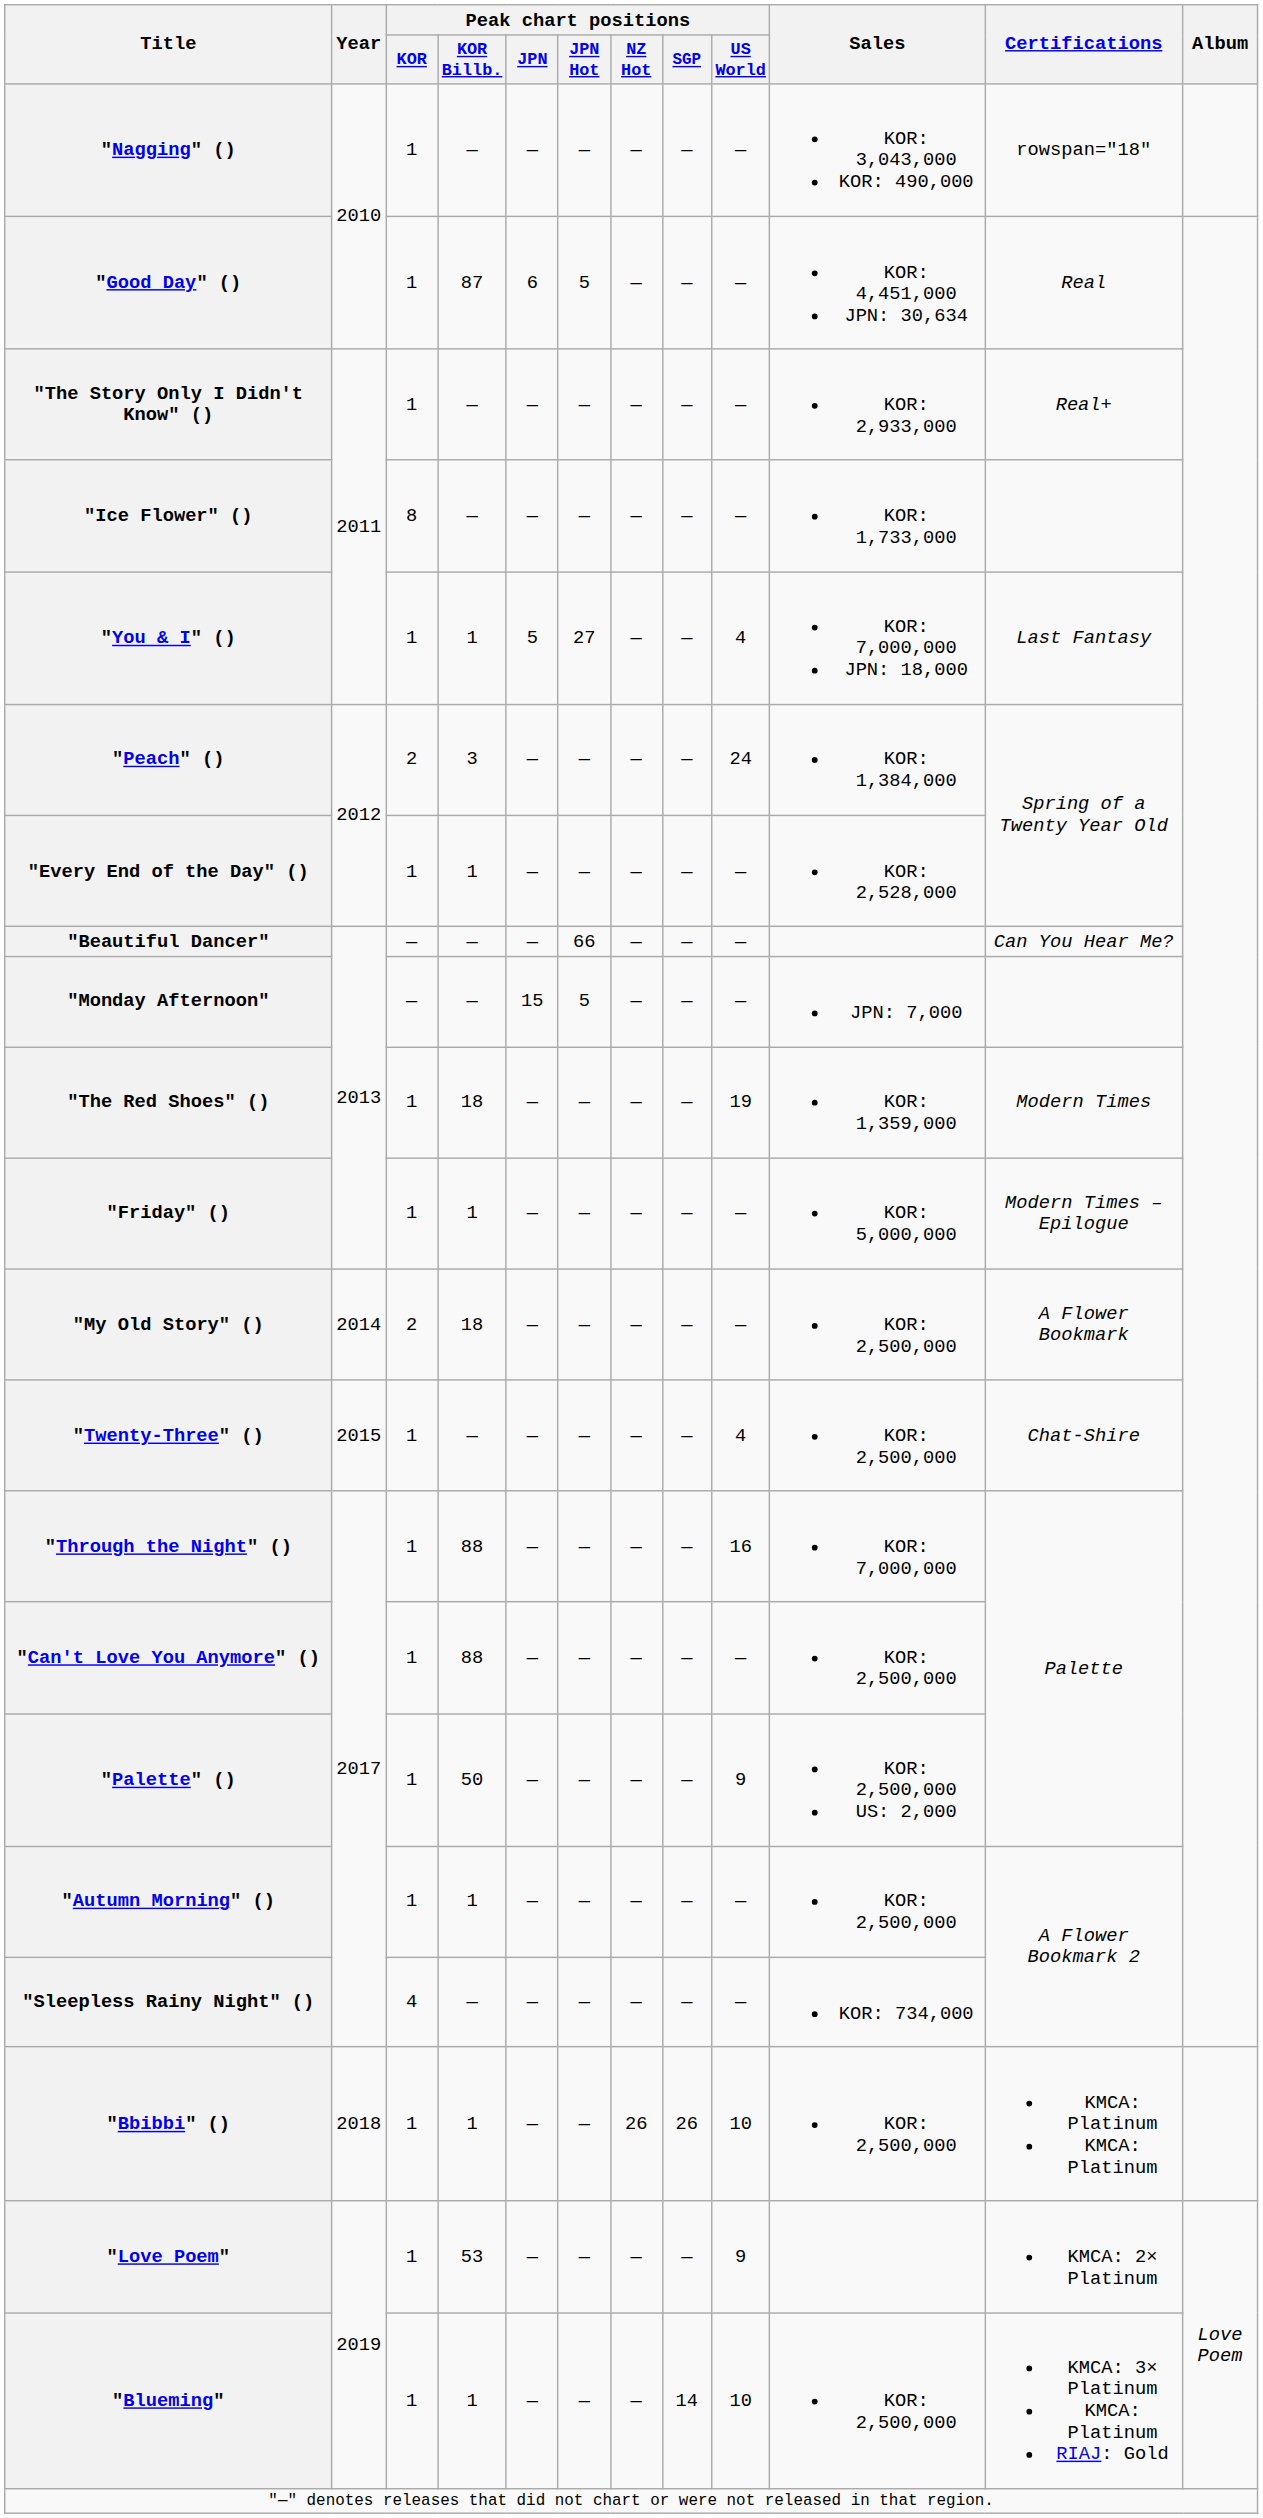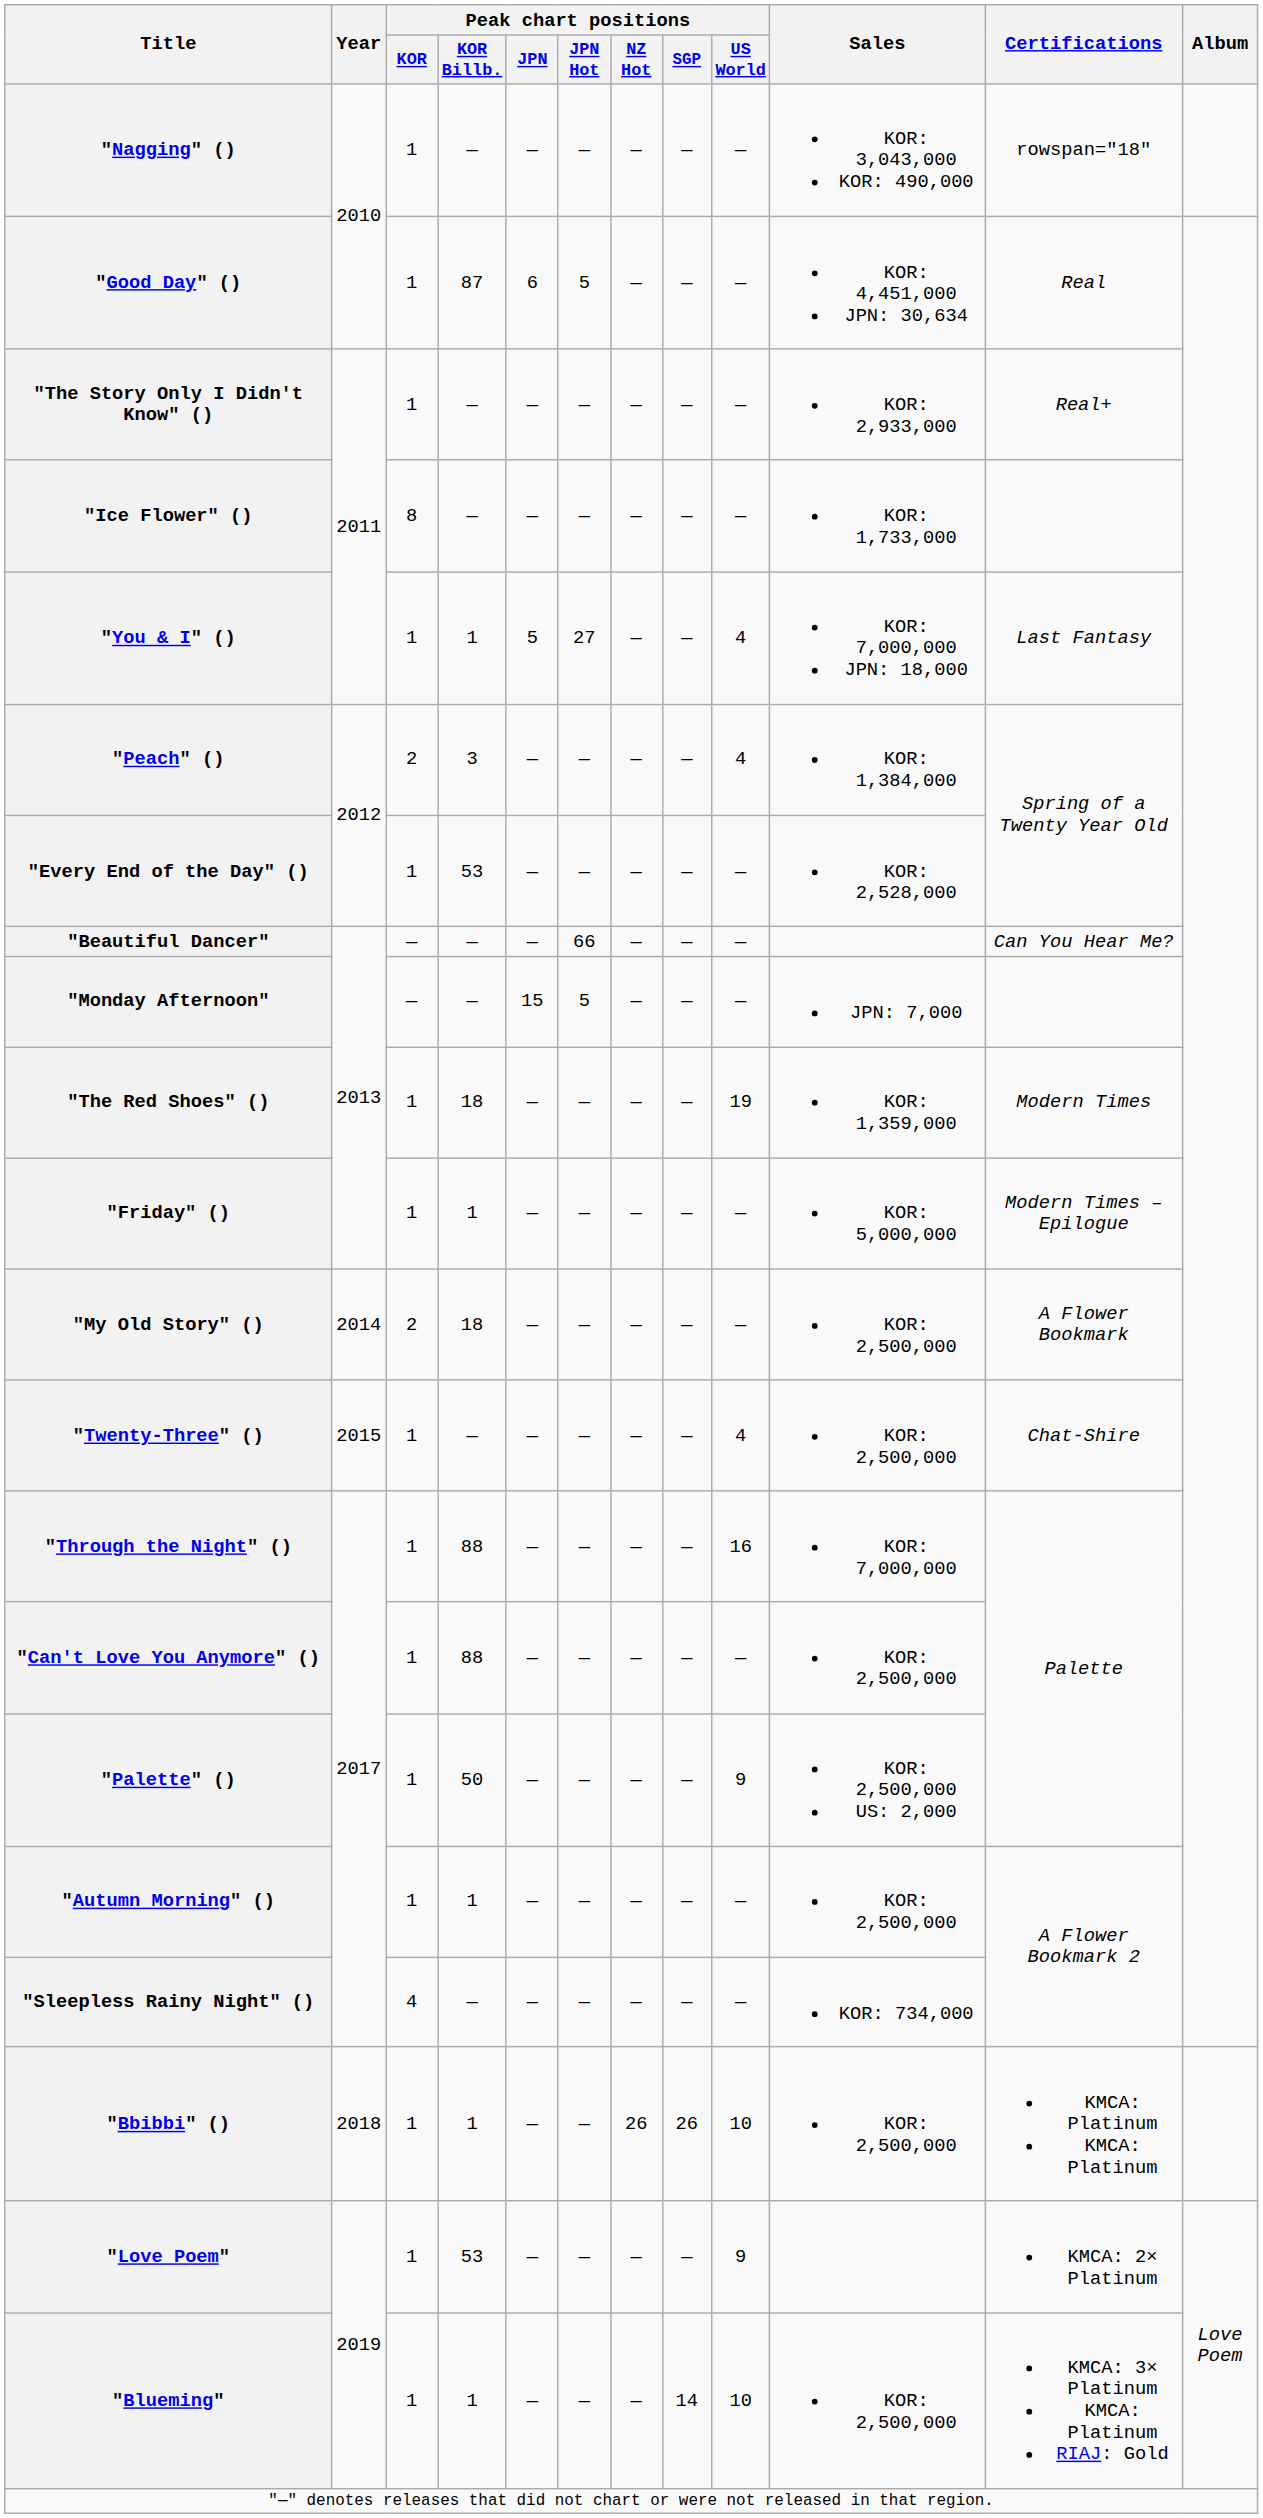 <table class="wikitable plainrowheaders" style="text-align:center;">
 <tr>
 <th rowspan="2" scope="col" style="width:17em;">Title</th>
 <th rowspan="2" scope="col">Year</th>
 <th colspan="7" scope="col">Peak chart positions</th>
 <th rowspan="2" scope="col" style="width:11em;">Sales<br></th>
 <th rowspan="2" scope="col"><a href='#'>Certifications</a><br></th>
 <th rowspan="2" scope="col">Album</th>
 </tr>
 <tr>
 <th scope="col" style="width:2.6em;font-size:90%;"><a href='#'>KOR</a><br></th>
 <th scope="col" style="width:2.6em;font-size:90%;"><a href='#'>KOR Billb.</a><br></th>
 <th scope="col" style="width:2.6em;font-size:90%;"><a href='#'>JPN</a><br></th>
 <th scope="col" style="width:2.6em;font-size:90%;"><a href='#'>JPN Hot</a><br></th>
 <th scope="col" style="width:2.6em;font-size:90%;"><a href='#'>NZ Hot</a><br></th>
 <th scope="col" style="width:2.6em;font-size:85%"><a href='#'>SGP</a><br></th>
 <th scope="col" style="width:2.6em;font-size:90%;"><a href='#'>US<br>World</a><br></th>
 </tr>
 <tr>
 <th scope="row">"<a href='#'>Nagging</a>" ()<br></th>
 <td rowspan="2">2010</td>
 <td>1</td>
 <td>—</td>
 <td>—</td>
 <td>—</td>
 <td>—</td>
 <td>—</td>
 <td>—</td>
 <td><br><ul><li>KOR: 3,043,000</li><li>KOR: 490,000 </li></ul></td>
 <td>rowspan="18" </td>
 <td></td>
 </tr>
 <tr>
 <th scope="row">"<a href='#'>Good Day</a>" ()</th>
 <td>1</td>
 <td>87</td>
 <td>6</td>
 <td>5</td>
 <td>—</td>
 <td>—</td>
 <td>—</td>
 <td><br><ul><li>KOR: 4,451,000</li><li>JPN: 30,634</li></ul></td>
 <td><em>Real</em></td>
 </tr>
 <tr>
 <th scope="row">"The Story Only I Didn't Know" ()</th>
 <td rowspan="3">2011</td>
 <td>1</td>
 <td>—</td>
 <td>—</td>
 <td>—</td>
 <td>—</td>
 <td>—</td>
 <td>—</td>
 <td><br><ul><li>KOR: 2,933,000</li></ul></td>
 <td><em>Real+</em></td>
 </tr>
 <tr>
 <th scope="row">"Ice Flower" ()<br></th>
 <td>8</td>
 <td>—</td>
 <td>—</td>
 <td>—</td>
 <td>—</td>
 <td>—</td>
 <td>—</td>
 <td><br><ul><li>KOR: 1,733,000</li></ul></td>
 <td></td>
 </tr>
 <tr>
 <th scope="row">"<a href='#'>You & I</a>" ()</th>
 <td>1</td>
 <td>1</td>
 <td>5</td>
 <td>27</td>
 <td>—</td>
 <td>—</td>
 <td>4</td>
 <td><br><ul><li>KOR: 7,000,000</li><li>JPN: 18,000</li></ul></td>
 <td><em>Last Fantasy</em></td>
 </tr>
 <tr>
 <th scope="row">"<a href='#'>Peach</a>" ()</th>
 <td rowspan="2">2012</td>
 <td>2</td>
 <td>3</td>
 <td>—</td>
 <td>—</td>
 <td>—</td>
 <td>—</td>
-<td>24</td>
+<td>4</td>
 <td><br><ul><li>KOR: 1,384,000</li></ul></td>
 <td rowspan="2"><em>Spring of a Twenty Year Old</em></td>
 </tr>
 <tr>
 <th scope="row">"Every End of the Day" ()</th>
 <td>1</td>
-<td>1</td>
+<td>53</td>
 <td>—</td>
 <td>—</td>
 <td>—</td>
 <td>—</td>
 <td>—</td>
 <td><br><ul><li>KOR: 2,528,000</li></ul></td>
 </tr>
 <tr>
 <th scope="row">"Beautiful Dancer"</th>
 <td rowspan="4">2013</td>
 <td>—</td>
 <td>—</td>
 <td>—</td>
 <td>66</td>
 <td>—</td>
 <td>—</td>
 <td>—</td>
 <td></td>
 <td><em>Can You Hear Me?</em></td>
 </tr>
 <tr>
 <th scope="row">"Monday Afternoon"</th>
 <td>—</td>
 <td>—</td>
 <td>15</td>
 <td>5</td>
 <td>—</td>
 <td>—</td>
 <td>—</td>
 <td><br><ul><li>JPN: 7,000</li></ul></td>
 <td></td>
 </tr>
 <tr>
 <th scope="row">"The Red Shoes" ()</th>
 <td>1</td>
 <td>18</td>
 <td>—</td>
 <td>—</td>
 <td>—</td>
 <td>—</td>
 <td>19</td>
 <td><br><ul><li>KOR: 1,359,000</li></ul></td>
 <td><em>Modern Times</em></td>
 </tr>
 <tr>
 <th scope="row">"Friday" ()<br></th>
 <td>1</td>
 <td>1</td>
 <td>—</td>
 <td>—</td>
 <td>—</td>
 <td>—</td>
 <td>—</td>
 <td><br><ul><li>KOR: 5,000,000</li></ul></td>
 <td><em>Modern Times –<br>Epilogue</em></td>
 </tr>
 <tr>
 <th scope="row">"My Old Story" ()</th>
 <td>2014</td>
 <td>2</td>
 <td>18</td>
 <td>—</td>
 <td>—</td>
 <td>—</td>
 <td>—</td>
 <td>—</td>
 <td><br><ul><li>KOR: 2,500,000</li></ul></td>
 <td><em>A Flower Bookmark</em></td>
 </tr>
 <tr>
 <th scope="row">"<a href='#'>Twenty-Three</a>" ()</th>
 <td>2015</td>
 <td>1</td>
 <td>—</td>
 <td>—</td>
 <td>—</td>
 <td>—</td>
 <td>—</td>
 <td>4</td>
 <td><br><ul><li>KOR: 2,500,000</li></ul></td>
 <td><em>Chat-Shire</em></td>
 </tr>
 <tr>
 <th scope="row">"<a href='#'>Through the Night</a>" ()</th>
 <td rowspan="5">2017</td>
 <td>1</td>
 <td>88</td>
 <td>—</td>
 <td>—</td>
 <td>—</td>
 <td>—</td>
 <td>16</td>
 <td><br><ul><li>KOR: 7,000,000</li></ul></td>
 <td rowspan="3"><em>Palette</em></td>
 </tr>
 <tr>
 <th scope="row">"<a href='#'>Can't Love You Anymore</a>" ()<br></th>
 <td>1</td>
 <td>88</td>
 <td>—</td>
 <td>—</td>
 <td>—</td>
 <td>—</td>
 <td>—</td>
 <td><br><ul><li>KOR: 2,500,000</li></ul></td>
 </tr>
 <tr>
 <th scope="row">"<a href='#'>Palette</a>" ()<br></th>
 <td>1</td>
 <td>50</td>
 <td>—</td>
 <td>—</td>
 <td>—</td>
 <td>—</td>
 <td>9</td>
 <td><br><ul><li>KOR: 2,500,000</li><li>US: 2,000</li></ul></td>
 </tr>
 <tr>
 <th scope="row">"<a href='#'>Autumn Morning</a>" ()</th>
 <td>1</td>
 <td>1</td>
 <td>—</td>
 <td>—</td>
 <td>—</td>
 <td>—</td>
 <td>—</td>
 <td><br><ul><li>KOR: 2,500,000</li></ul></td>
 <td rowspan="2"><em>A Flower Bookmark 2</em></td>
 </tr>
 <tr>
 <th scope="row">"Sleepless Rainy Night" ()</th>
 <td>4</td>
 <td>—</td>
 <td>—</td>
 <td>—</td>
 <td>—</td>
 <td>—</td>
 <td>—</td>
 <td><br><ul><li>KOR: 734,000</li></ul></td>
 </tr>
 <tr>
 <th scope="row">"<a href='#'>Bbibbi</a>" ()</th>
 <td>2018</td>
 <td>1</td>
 <td>1</td>
 <td>—</td>
 <td>—</td>
 <td>26</td>
 <td>26</td>
 <td>10</td>
 <td><br><ul><li>KOR: 2,500,000</li></ul></td>
 <td><br><ul><li>KMCA: Platinum </li><li>KMCA: Platinum </li></ul></td>
 <td></td>
 </tr>
 <tr>
 <th scope="row">"<a href='#'>Love Poem</a>"</th>
 <td rowspan="2">2019</td>
 <td>1</td>
 <td>53</td>
 <td>—</td>
 <td>—</td>
 <td>—</td>
 <td>—</td>
 <td>9</td>
 <td></td>
 <td><br><ul><li>KMCA: 2× Platinum </li></ul></td>
 <td rowspan="2"><em>Love Poem</em></td>
 </tr>
 <tr>
 <th scope="row">"<a href='#'>Blueming</a>"</th>
 <td>1</td>
 <td>1</td>
 <td>—</td>
 <td>—</td>
 <td>—</td>
 <td>14</td>
 <td>10</td>
 <td><br><ul><li>KOR: 2,500,000</li></ul></td>
 <td><br><ul><li>KMCA: 3× Platinum </li><li>KMCA: Platinum </li><li><a href='#'>RIAJ</a>: Gold </li></ul></td>
 </tr>
 <tr>
 <td colspan="12" style="font-size:85%;">"—" denotes releases that did not chart or were not released in that region.</td>
 </tr>
 </table>
